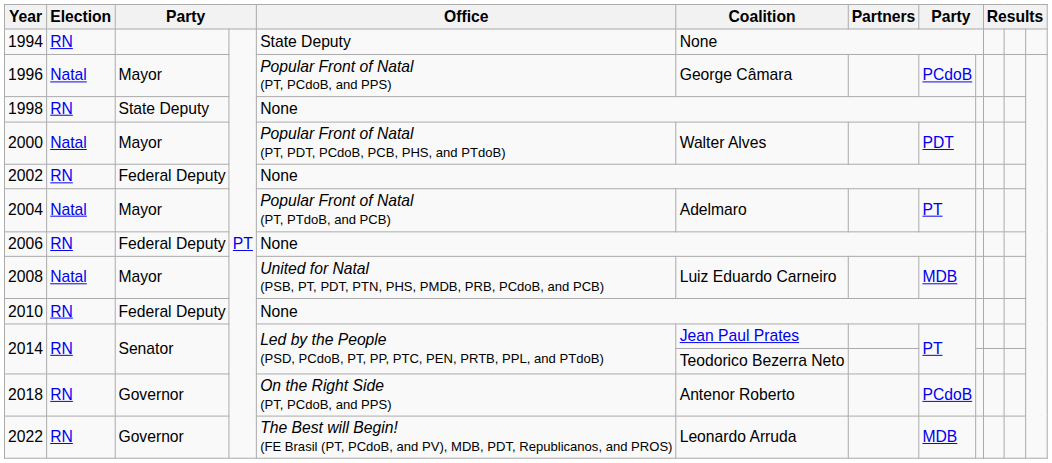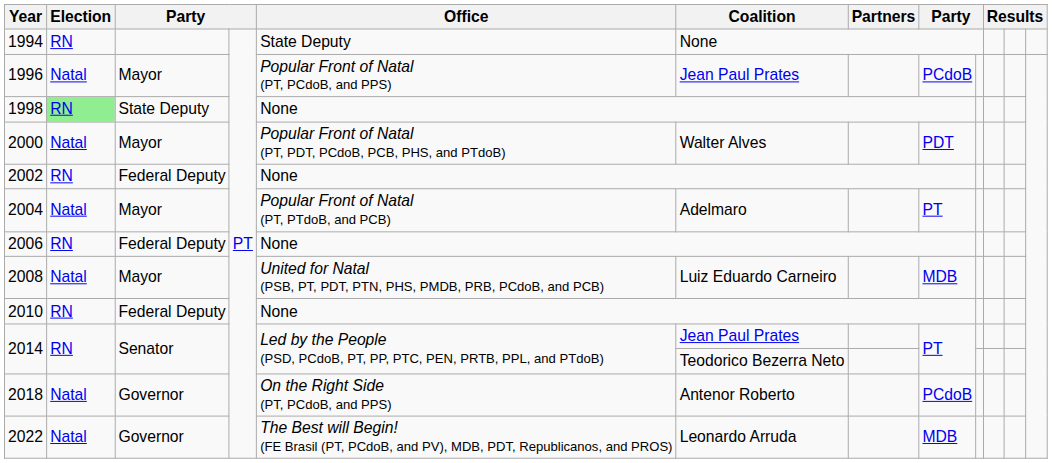 <table class="wikitable">
 <tr>
 <th>Year</th>
 <th>Election</th>
 <th colspan="2">Party</th>
 <th>Office</th>
 <th>Coalition</th>
 <th>Partners</th>
 <th colspan="2">Party</th>
 <th colspan="3">Results</th>
 </tr>
 <tr>
 <td>1994</td>
 <td><a href='#'>RN</a></td>
 <td style="background-color:"></td>
 <td rowspan="13"><a href='#'>PT</a></td>
 <td>State Deputy</td>
 <td colspan="4">None</td>
 <td></td>
 <td></td>
 <td></td>
 </tr>
 <tr>
 <td>1996</td>
 <td><a href='#'>Natal</a></td>
 <td>Mayor</td>
 <td><em>Popular Front of Natal</em><br><small>(PT, PCdoB, and PPS)</small></td>
-<td>George Câmara</td>
+<td><a href='#'>Jean Paul Prates</a></td>
 <td style="background-color:"></td>
 <td><a href='#'>PCdoB</a></td>
 <td></td>
 <td></td>
 <td></td>
 </tr>
 <tr>
 <td>1998</td>
-<td><a href='#'>RN</a></td>
+<td style="background: lightgreen;"><a href='#'>RN</a></td>
 <td>State Deputy</td>
 <td colspan="4">None</td>
 <td></td>
 <td></td>
 <td></td>
 </tr>
 <tr>
 <td>2000</td>
 <td><a href='#'>Natal</a></td>
 <td>Mayor</td>
 <td><em>Popular Front of Natal</em><br><small>(PT, PDT, PCdoB, PCB, PHS, and PTdoB)</small></td>
 <td>Walter Alves</td>
 <td style="background-color:"></td>
 <td><a href='#'>PDT</a></td>
 <td></td>
 <td></td>
 <td></td>
 </tr>
 <tr>
 <td>2002</td>
 <td><a href='#'>RN</a></td>
 <td>Federal Deputy</td>
 <td colspan="4">None</td>
 <td></td>
 <td></td>
 <td></td>
 </tr>
 <tr>
 <td>2004</td>
 <td><a href='#'>Natal</a></td>
 <td>Mayor</td>
 <td><em>Popular Front of Natal</em><br><small>(PT, PTdoB, and PCB)</small></td>
 <td>Adelmaro</td>
 <td style="background-color:"></td>
 <td><a href='#'>PT</a></td>
 <td></td>
 <td></td>
 <td></td>
 </tr>
 <tr>
 <td>2006</td>
 <td><a href='#'>RN</a></td>
 <td>Federal Deputy</td>
 <td colspan="4">None</td>
 <td></td>
 <td></td>
 <td></td>
 </tr>
 <tr>
 <td>2008</td>
 <td><a href='#'>Natal</a></td>
 <td>Mayor</td>
 <td><em>United for Natal</em><br><small>(PSB, PT, PDT, PTN, PHS, PMDB, PRB, PCdoB, and PCB)</small></td>
 <td>Luiz Eduardo Carneiro</td>
 <td style="background-color:"></td>
 <td><a href='#'>MDB</a></td>
 <td></td>
 <td></td>
 <td></td>
 </tr>
 <tr>
 <td>2010</td>
 <td><a href='#'>RN</a></td>
 <td>Federal Deputy</td>
 <td colspan="4">None</td>
 <td></td>
 <td></td>
 <td></td>
 </tr>
 <tr>
 <td rowspan="2">2014</td>
 <td rowspan="2"><a href='#'>RN</a></td>
 <td rowspan="2">Senator</td>
 <td rowspan="2"><em>Led by the People</em><br><small>(PSD, PCdoB, PT, PP, PTC, PEN, PRTB, PPL, and PTdoB)</small></td>
 <td><a href='#'>Jean Paul Prates</a></td>
 <td style="background-color:"></td>
 <td rowspan="2"><a href='#'>PT</a></td>
 <td></td>
 <td></td>
 <td></td>
 </tr>
 <tr>
 <td>Teodorico Bezerra Neto</td>
 <td></td>
 <td></td>
 <td></td>
 <td></td>
 </tr>
 <tr>
 <td>2018</td>
-<td><a href='#'>RN</a></td>
+<td><a href='#'>Natal</a></td>
 <td>Governor</td>
 <td><em>On the Right Side</em><br><small>(PT, PCdoB, and PPS)</small></td>
 <td>Antenor Roberto</td>
 <td style="background-color:"></td>
 <td><a href='#'>PCdoB</a></td>
 <td></td>
 <td></td>
 <td></td>
 </tr>
 <tr>
 <td>2022</td>
-<td><a href='#'>RN</a></td>
+<td><a href='#'>Natal</a></td>
 <td>Governor</td>
 <td><em>The Best will Begin!</em><br><small>(FE Brasil (PT, PCdoB, and PV), MDB, PDT, Republicanos, and PROS)</small></td>
 <td>Leonardo Arruda</td>
 <td style="background-color:"></td>
 <td><a href='#'>MDB</a></td>
 <td></td>
 <td></td>
 <td></td>
 </tr>
 </table>
